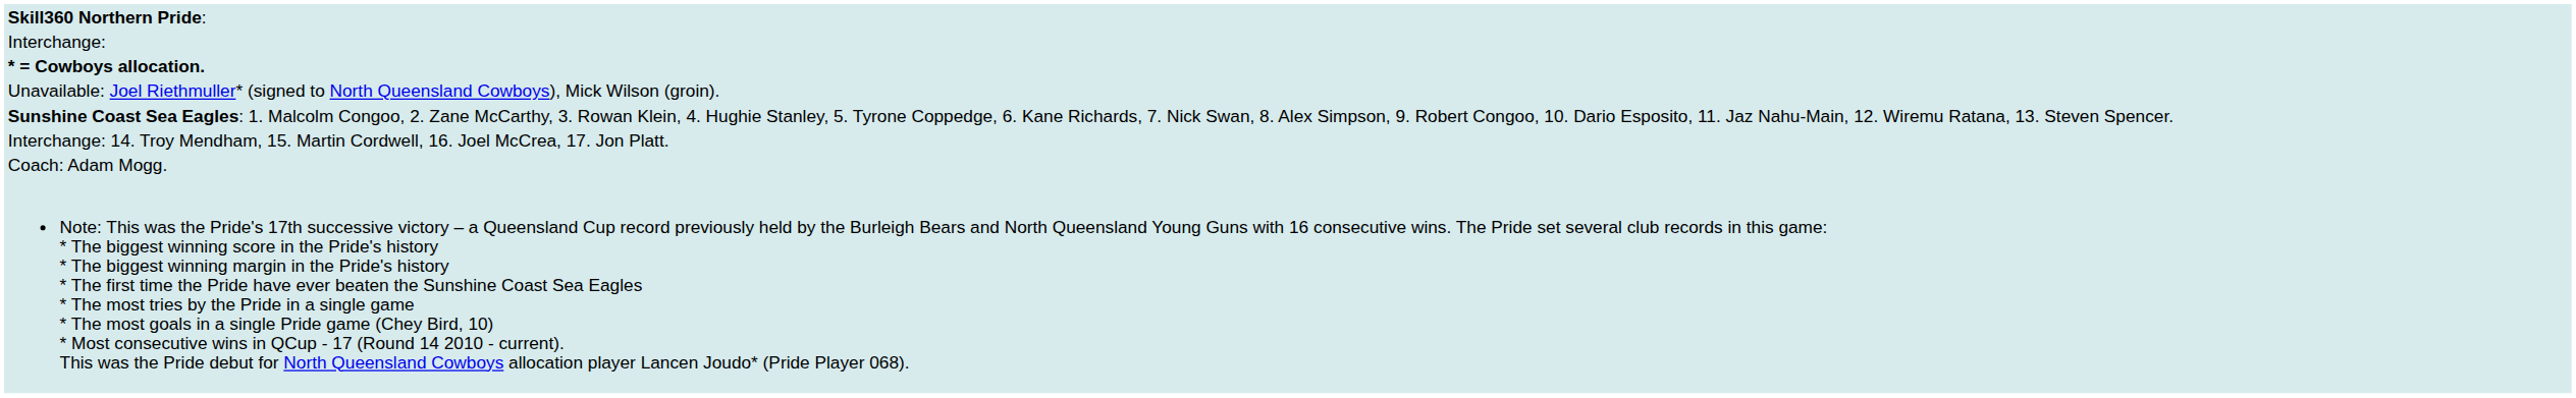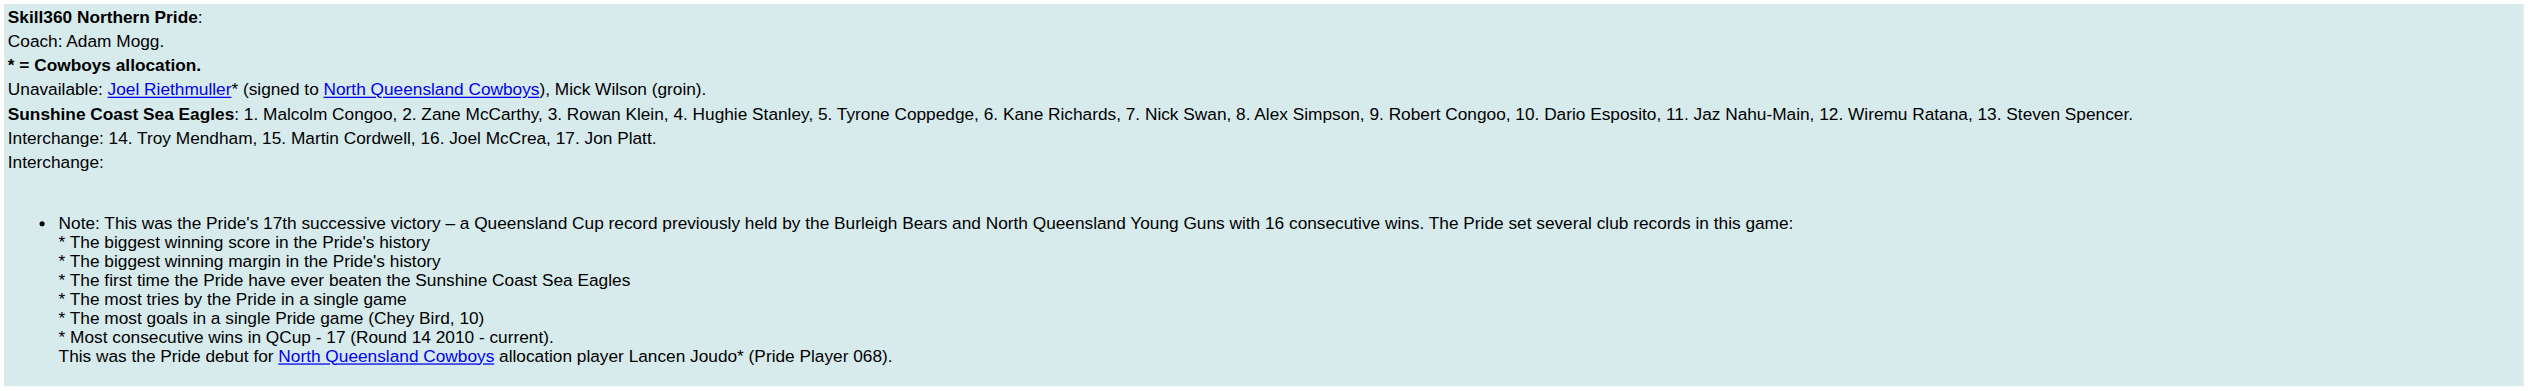 <table style="background:#d7ebed; font-size:85%; width:100%;">
 <tr>
 <td><strong>Skill360 Northern Pride</strong>:             </td>
 </tr>
 <tr>
-<td>Interchange:    </td>
+<td>Coach: Adam Mogg.</td>
 </tr>
 <tr>
 <td><strong>* = Cowboys allocation.</strong></td>
 </tr>
 <tr>
 <td>Unavailable: <a href='#'>Joel Riethmuller</a>* (signed to <a href='#'>North Queensland Cowboys</a>), Mick Wilson (groin).</td>
 </tr>
 <tr>
 <td><strong>Sunshine Coast Sea Eagles</strong>: 1. Malcolm Congoo, 2. Zane McCarthy, 3. Rowan Klein, 4. Hughie Stanley, 5. Tyrone Coppedge, 6. Kane Richards, 7. Nick Swan, 8. Alex Simpson, 9. Robert Congoo, 10. Dario Esposito, 11. Jaz Nahu-Main, 12. Wiremu Ratana, 13. Steven Spencer.</td>
 </tr>
 <tr>
 <td>Interchange: 14. Troy Mendham, 15. Martin Cordwell, 16. Joel McCrea, 17. Jon Platt.</td>
 </tr>
 <tr>
-<td>Coach: Adam Mogg.</td>
+<td>Interchange:    </td>
 </tr>
 <tr>
 <td><br><ul><li>Note: This was the Pride's 17th successive victory – a Queensland Cup record previously held by the Burleigh Bears and North Queensland Young Guns with 16 consecutive wins. The Pride set several club records in this game:<br> * The biggest winning score in the Pride's history<br> * The biggest winning margin in the Pride's history<br>* The first time the Pride have ever beaten the Sunshine Coast Sea Eagles<br> * The most tries by the Pride in a single game<br> * The most goals in a single Pride game (Chey Bird, 10)<br> * Most consecutive wins in QCup - 17 (Round 14 2010 - current).<br>This was the Pride debut for <a href='#'>North Queensland Cowboys</a> allocation player Lancen Joudo* (Pride Player 068).</li></ul></td>
 </tr>
 </table>
